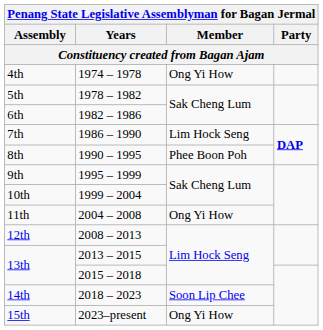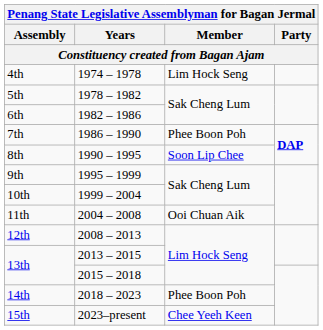 <table class="wikitable">
 <tr>
 <th colspan="4"><a href='#'>Penang State Legislative Assemblyman</a> for Bagan Jermal</th>
 </tr>
 <tr>
 <th>Assembly</th>
 <th>Years</th>
 <th>Member</th>
 <th>Party</th>
 </tr>
 <tr>
 <th colspan="4" align="center"><em>Constituency created from Bagan Ajam</em></th>
 </tr>
 <tr>
 <td>4th</td>
 <td>1974 – 1978</td>
-<td>Ong Yi How</td>
+<td>Lim Hock Seng</td>
 <td></td>
 </tr>
 <tr>
 <td>5th</td>
 <td>1978 – 1982</td>
 <td rowspan="2">Sak Cheng Lum</td>
 <td rowspan="2"></td>
 </tr>
 <tr>
 <td>6th</td>
 <td>1982 – 1986</td>
 </tr>
 <tr>
 <td>7th</td>
 <td>1986 – 1990</td>
-<td>Lim Hock Seng</td>
+<td>Phee Boon Poh</td>
 <td rowspan="2"><strong><a href='#'>DAP</a></strong></td>
 </tr>
 <tr>
 <td>8th</td>
 <td>1990 – 1995</td>
-<td>Phee Boon Poh</td>
+<td><a href='#'>Soon Lip Chee</a></td>
 </tr>
 <tr>
 <td>9th</td>
 <td>1995 – 1999</td>
 <td rowspan="2">Sak Cheng Lum</td>
 <td rowspan="3"></td>
 </tr>
 <tr>
 <td>10th</td>
 <td>1999 – 2004</td>
 </tr>
 <tr>
 <td>11th</td>
 <td>2004 – 2008</td>
-<td>Ong Yi How</td>
+<td>Ooi Chuan Aik</td>
 </tr>
 <tr>
 <td><a href='#'>12th</a></td>
 <td>2008 – 2013</td>
 <td rowspan=3><a href='#'>Lim Hock Seng</a></td>
 <td rowspan=2></td>
 </tr>
 <tr>
 <td rowspan=2><a href='#'>13th</a></td>
 <td>2013 – 2015</td>
 </tr>
 <tr>
 <td>2015 – 2018</td>
 <td rowspan=3></td>
 </tr>
 <tr>
 <td><a href='#'>14th</a></td>
 <td>2018 – 2023</td>
-<td><a href='#'>Soon Lip Chee</a></td>
+<td>Phee Boon Poh</td>
 </tr>
 <tr>
 <td><a href='#'>15th</a></td>
 <td>2023–present</td>
-<td>Ong Yi How</td>
+<td><a href='#'>Chee Yeeh Keen</a></td>
 </tr>
 </table>
